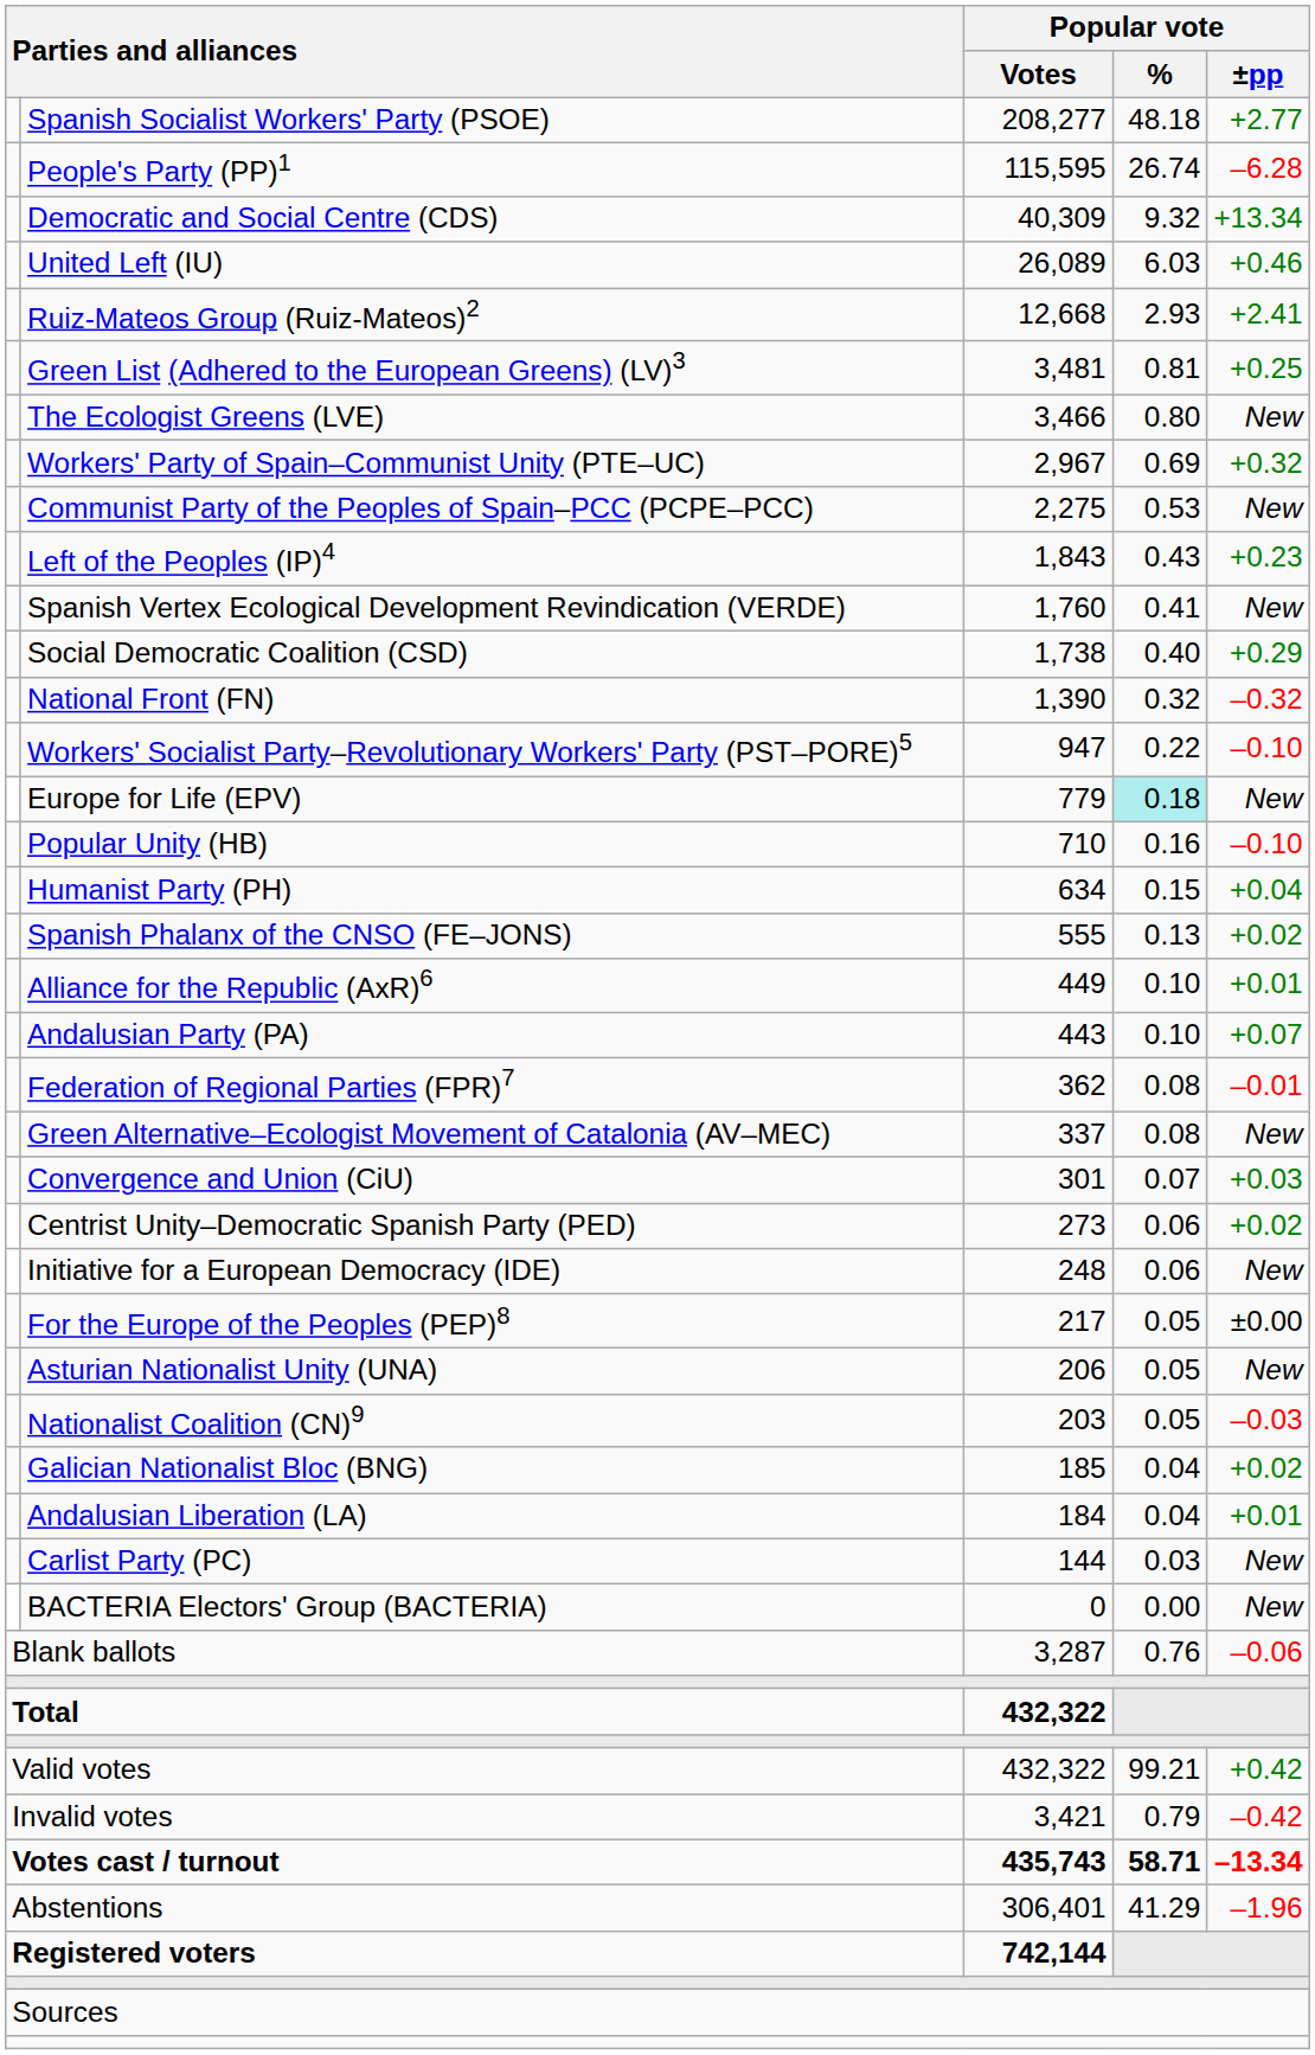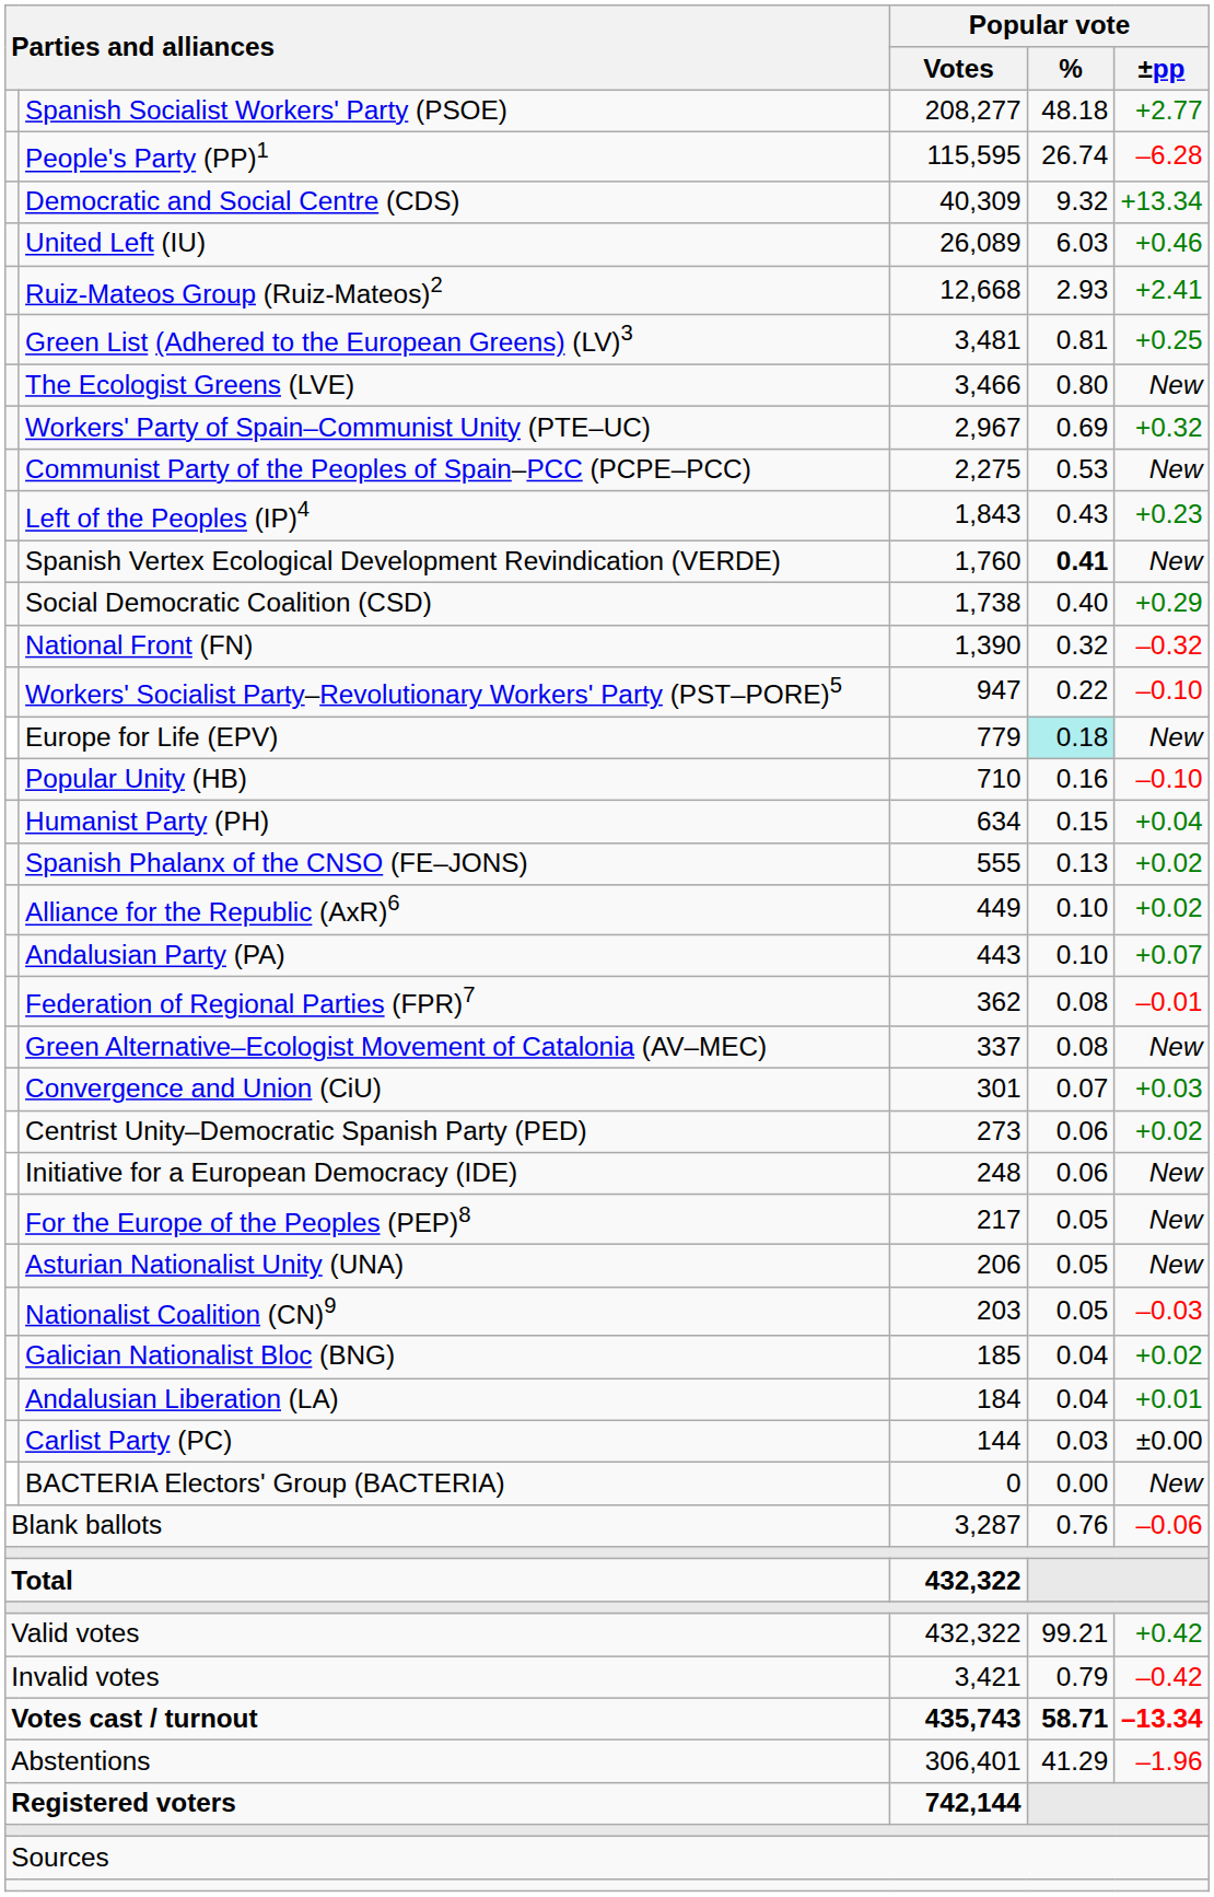 <table class="wikitable" style="text-align:right">
 <tr>
 <th style="text-align:left;" rowspan="2" colspan="2" width="525">Parties and alliances</th>
 <th colspan="3">Popular vote</th>
 </tr>
 <tr>
 <th width="75">Votes</th>
 <th width="45">%</th>
 <th width="45">±<a href='#'>pp</a></th>
 </tr>
 <tr>
 <td width="1" style="color:inherit;background:"></td>
 <td align="left"><a href='#'>Spanish Socialist Workers' Party</a> (PSOE)</td>
 <td>208,277</td>
 <td>48.18</td>
 <td style="color:green;">+2.77</td>
 </tr>
 <tr>
 <td style="color:inherit;background:"></td>
 <td align="left"><a href='#'>People's Party</a> (PP)<sup>1</sup></td>
 <td>115,595</td>
 <td>26.74</td>
 <td style="color:red;">–6.28</td>
 </tr>
 <tr>
 <td style="color:inherit;background:"></td>
 <td align="left"><a href='#'>Democratic and Social Centre</a> (CDS)</td>
 <td>40,309</td>
 <td>9.32</td>
 <td style="color:green;">+13.34</td>
 </tr>
 <tr>
 <td style="color:inherit;background:"></td>
 <td align="left"><a href='#'>United Left</a> (IU)</td>
 <td>26,089</td>
 <td>6.03</td>
 <td style="color:green;">+0.46</td>
 </tr>
 <tr>
 <td style="color:inherit;background:"></td>
 <td align="left"><a href='#'>Ruiz-Mateos Group</a> (Ruiz-Mateos)<sup>2</sup></td>
 <td>12,668</td>
 <td>2.93</td>
 <td style="color:green;">+2.41</td>
 </tr>
 <tr>
 <td style="color:inherit;background:"></td>
 <td align="left"><a href='#'>Green List</a> <a href='#'>(Adhered to the European Greens)</a> (LV)<sup>3</sup></td>
 <td>3,481</td>
 <td>0.81</td>
 <td style="color:green;">+0.25</td>
 </tr>
 <tr>
 <td style="color:inherit;background:"></td>
 <td align="left"><a href='#'>The Ecologist Greens</a> (LVE)</td>
 <td>3,466</td>
 <td>0.80</td>
 <td><em>New</em></td>
 </tr>
 <tr>
 <td style="color:inherit;background:"></td>
 <td align="left"><a href='#'>Workers' Party of Spain–Communist Unity</a> (PTE–UC)</td>
 <td>2,967</td>
 <td>0.69</td>
 <td style="color:green;">+0.32</td>
 </tr>
 <tr>
 <td style="color:inherit;background:"></td>
 <td align="left"><a href='#'>Communist Party of the Peoples of Spain</a>–<a href='#'>PCC</a> (PCPE–PCC)</td>
 <td>2,275</td>
 <td>0.53</td>
 <td><em>New</em></td>
 </tr>
 <tr>
 <td style="color:inherit;background:"></td>
 <td align="left"><a href='#'>Left of the Peoples</a> (IP)<sup>4</sup></td>
 <td>1,843</td>
 <td>0.43</td>
 <td style="color:green;">+0.23</td>
 </tr>
 <tr>
 <td style="color:inherit;background:"></td>
 <td align="left">Spanish Vertex Ecological Development Revindication (VERDE)</td>
 <td>1,760</td>
-<td>0.41</td>
+<td><strong>0.41</strong></td>
 <td><em>New</em></td>
 </tr>
 <tr>
 <td style="color:inherit;background:"></td>
 <td align="left">Social Democratic Coalition (CSD)</td>
 <td>1,738</td>
 <td>0.40</td>
 <td style="color:green;">+0.29</td>
 </tr>
 <tr>
 <td style="color:inherit;background:"></td>
 <td align="left"><a href='#'>National Front</a> (FN)</td>
 <td>1,390</td>
 <td>0.32</td>
 <td style="color:red;">–0.32</td>
 </tr>
 <tr>
 <td style="color:inherit;background:"></td>
 <td align="left"><a href='#'>Workers' Socialist Party</a>–<a href='#'>Revolutionary Workers' Party</a> (PST–PORE)<sup>5</sup></td>
 <td>947</td>
 <td>0.22</td>
 <td style="color:red;">–0.10</td>
 </tr>
 <tr>
 <td bgcolor="white"></td>
 <td align="left">Europe for Life (EPV)</td>
 <td>779</td>
 <td style="background: paleturquoise;">0.18</td>
 <td><em>New</em></td>
 </tr>
 <tr>
 <td style="color:inherit;background:"></td>
 <td align="left"><a href='#'>Popular Unity</a> (HB)</td>
 <td>710</td>
 <td>0.16</td>
 <td style="color:red;">–0.10</td>
 </tr>
 <tr>
 <td style="color:inherit;background:"></td>
 <td align="left"><a href='#'>Humanist Party</a> (PH)</td>
 <td>634</td>
 <td>0.15</td>
 <td style="color:green;">+0.04</td>
 </tr>
 <tr>
 <td style="color:inherit;background:"></td>
 <td align="left"><a href='#'>Spanish Phalanx of the CNSO</a> (FE–JONS)</td>
 <td>555</td>
 <td>0.13</td>
 <td style="color:green;">+0.02</td>
 </tr>
 <tr>
 <td style="color:inherit;background:"></td>
 <td align="left"><a href='#'>Alliance for the Republic</a> (AxR)<sup>6</sup></td>
 <td>449</td>
 <td>0.10</td>
-<td style="color:green;">+0.01</td>
+<td style="color:green;">+0.02</td>
 </tr>
 <tr>
 <td style="color:inherit;background:"></td>
 <td align="left"><a href='#'>Andalusian Party</a> (PA)</td>
 <td>443</td>
 <td>0.10</td>
 <td style="color:green;">+0.07</td>
 </tr>
 <tr>
 <td style="color:inherit;background:"></td>
 <td align="left"><a href='#'>Federation of Regional Parties</a> (FPR)<sup>7</sup></td>
 <td>362</td>
 <td>0.08</td>
 <td style="color:red;">–0.01</td>
 </tr>
 <tr>
 <td style="color:inherit;background:"></td>
 <td align="left"><a href='#'>Green Alternative–Ecologist Movement of Catalonia</a> (AV–MEC)</td>
 <td>337</td>
 <td>0.08</td>
 <td><em>New</em></td>
 </tr>
 <tr>
 <td style="color:inherit;background:"></td>
 <td align="left"><a href='#'>Convergence and Union</a> (CiU)</td>
 <td>301</td>
 <td>0.07</td>
 <td style="color:green;">+0.03</td>
 </tr>
 <tr>
 <td bgcolor="white"></td>
 <td align="left">Centrist Unity–Democratic Spanish Party (PED)</td>
 <td>273</td>
 <td>0.06</td>
 <td style="color:green;">+0.02</td>
 </tr>
 <tr>
 <td bgcolor="white"></td>
 <td align="left">Initiative for a European Democracy (IDE)</td>
 <td>248</td>
 <td>0.06</td>
 <td><em>New</em></td>
 </tr>
 <tr>
 <td style="color:inherit;background:"></td>
 <td align="left"><a href='#'>For the Europe of the Peoples</a> (PEP)<sup>8</sup></td>
 <td>217</td>
 <td>0.05</td>
-<td>±0.00</td>
+<td><em>New</em></td>
 </tr>
 <tr>
 <td style="color:inherit;background:"></td>
 <td align="left"><a href='#'>Asturian Nationalist Unity</a> (UNA)</td>
 <td>206</td>
 <td>0.05</td>
 <td><em>New</em></td>
 </tr>
 <tr>
 <td style="color:inherit;background:"></td>
 <td align="left"><a href='#'>Nationalist Coalition</a> (CN)<sup>9</sup></td>
 <td>203</td>
 <td>0.05</td>
 <td style="color:red;">–0.03</td>
 </tr>
 <tr>
 <td style="color:inherit;background:"></td>
 <td align="left"><a href='#'>Galician Nationalist Bloc</a> (BNG)</td>
 <td>185</td>
 <td>0.04</td>
 <td style="color:green;">+0.02</td>
 </tr>
 <tr>
 <td style="color:inherit;background:"></td>
 <td align="left"><a href='#'>Andalusian Liberation</a> (LA)</td>
 <td>184</td>
 <td>0.04</td>
 <td style="color:green;">+0.01</td>
 </tr>
 <tr>
 <td style="color:inherit;background:"></td>
 <td align="left"><a href='#'>Carlist Party</a> (PC)</td>
 <td>144</td>
 <td>0.03</td>
-<td><em>New</em></td>
+<td>±0.00</td>
 </tr>
 <tr>
 <td bgcolor="white"></td>
 <td align="left">BACTERIA Electors' Group (BACTERIA)</td>
 <td>0</td>
 <td>0.00</td>
 <td><em>New</em></td>
 </tr>
 <tr>
 <td align="left" colspan="2">Blank ballots</td>
 <td>3,287</td>
 <td>0.76</td>
 <td style="color:red;">–0.06</td>
 </tr>
 <tr>
 <td colspan="5" bgcolor="#E9E9E9"></td>
 </tr>
 <tr style="font-weight:bold;">
 <td align="left" colspan="2">Total</td>
 <td>432,322</td>
 <td bgcolor="#E9E9E9" colspan="2"></td>
 </tr>
 <tr>
 <td colspan="5" bgcolor="#E9E9E9"></td>
 </tr>
 <tr>
 <td align="left" colspan="2">Valid votes</td>
 <td>432,322</td>
 <td>99.21</td>
 <td style="color:green;">+0.42</td>
 </tr>
 <tr>
 <td align="left" colspan="2">Invalid votes</td>
 <td>3,421</td>
 <td>0.79</td>
 <td style="color:red;">–0.42</td>
 </tr>
 <tr style="font-weight:bold;">
 <td align="left" colspan="2">Votes cast / turnout</td>
 <td>435,743</td>
 <td>58.71</td>
 <td style="color:red;">–13.34</td>
 </tr>
 <tr>
 <td align="left" colspan="2">Abstentions</td>
 <td>306,401</td>
 <td>41.29</td>
 <td style="color:red;">–1.96</td>
 </tr>
 <tr style="font-weight:bold;">
 <td align="left" colspan="2">Registered voters</td>
 <td>742,144</td>
 <td bgcolor="#E9E9E9" colspan="2"></td>
 </tr>
 <tr>
 <td colspan="5" bgcolor="#E9E9E9"></td>
 </tr>
 <tr>
 <td align="left" colspan="5">Sources</td>
 </tr>
 <tr>
 <td colspan="5" style="text-align:left; max-width:680px;"></td>
 </tr>
 </table>
